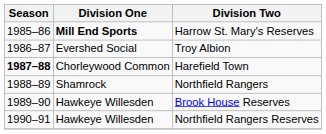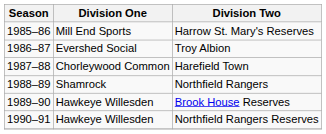 <table class="wikitable">
 <tr>
 <th><strong>Season</strong></th>
 <th><strong>Division One</strong></th>
 <th><strong>Division Two</strong></th>
 </tr>
 <tr>
 <td>1985–86</td>
-<td><strong>Mill End Sports</strong></td>
+<td>Mill End Sports</td>
 <td>Harrow St. Mary's Reserves</td>
 </tr>
 <tr>
 <td>1986–87</td>
 <td>Evershed Social</td>
 <td>Troy Albion</td>
 </tr>
 <tr>
-<td><strong>1987–88</strong></td>
+<td>1987–88</td>
 <td>Chorleywood Common</td>
 <td>Harefield Town</td>
 </tr>
 <tr>
 <td>1988–89</td>
 <td>Shamrock</td>
 <td>Northfield Rangers</td>
 </tr>
 <tr>
 <td>1989–90</td>
 <td>Hawkeye Willesden</td>
 <td><a href='#'>Brook House</a> Reserves</td>
 </tr>
 <tr>
 <td>1990–91</td>
 <td>Hawkeye Willesden</td>
 <td>Northfield Rangers Reserves</td>
 </tr>
 <tr>
 </tr>
 </table>
